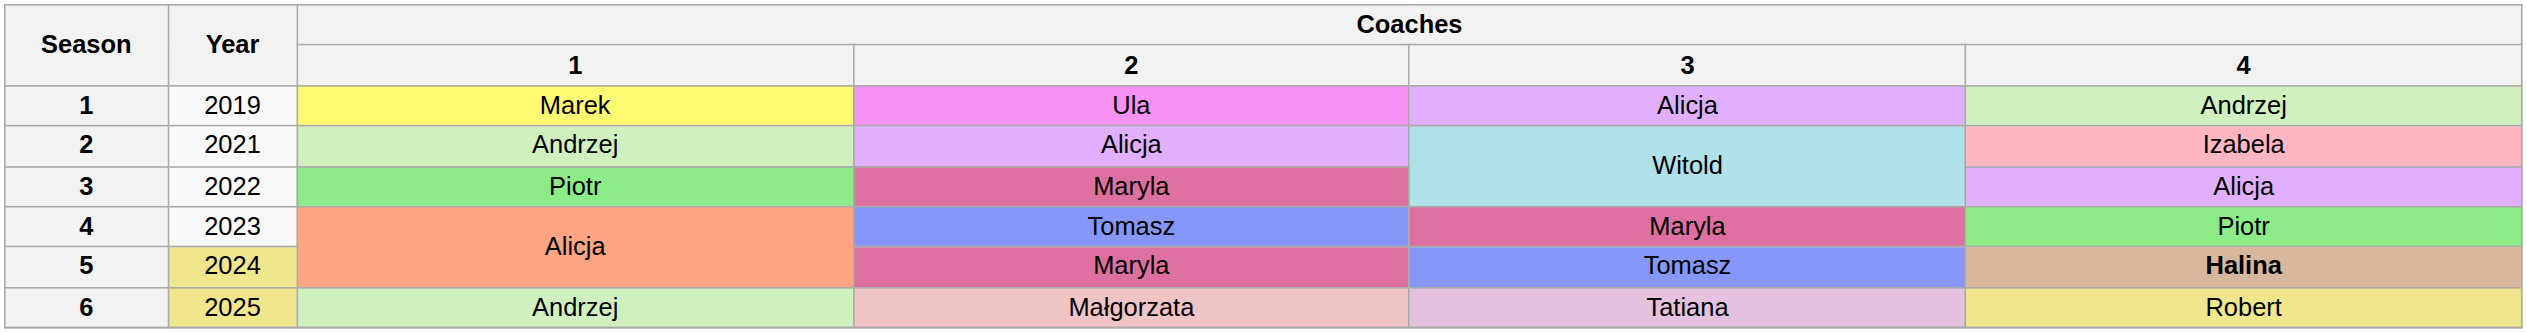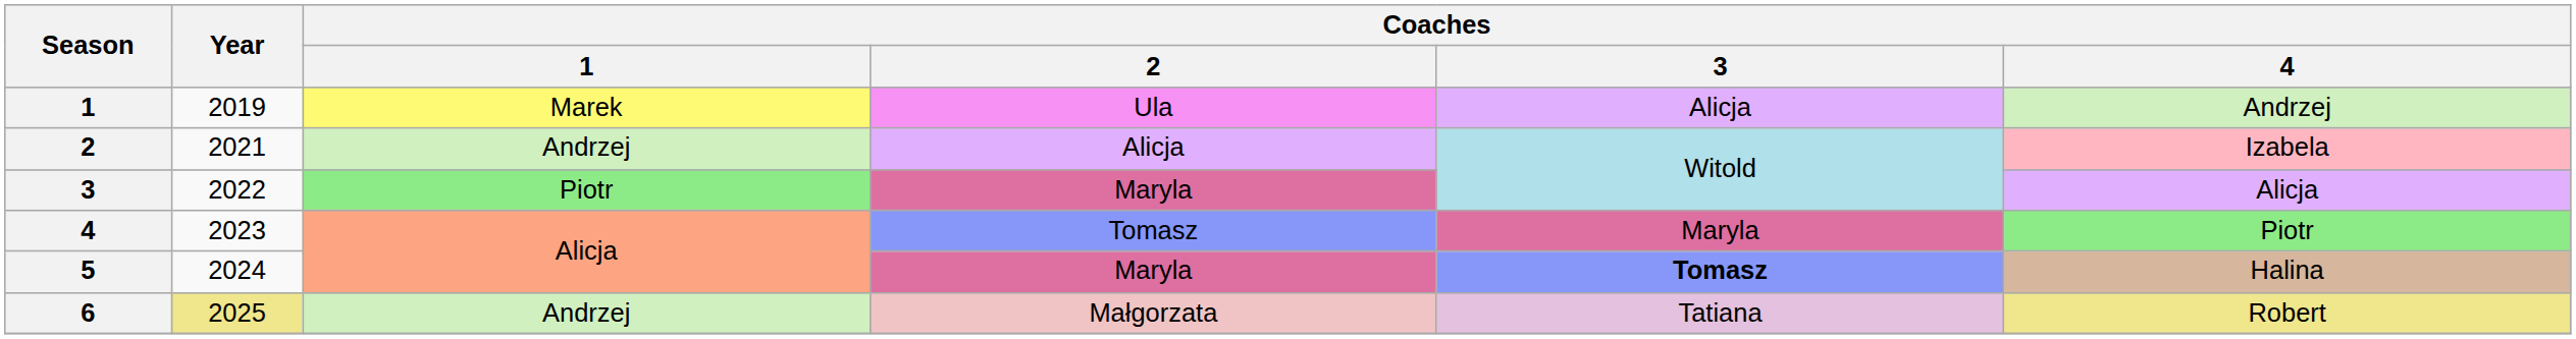 <table class="wikitable collapsible collapsed" style="text-align:center; width:100%">
 <tr>
 <th width="2%" rowspan="2">Season</th>
 <th width="2%" rowspan="2">Year</th>
 <th colspan="4">Coaches</th>
 </tr>
 <tr>
 <th width="10%">1</th>
 <th width="10%">2</th>
 <th width="10%">3</th>
 <th width="10%">4</th>
 </tr>
 <tr>
 <th>1</th>
 <td>2019</td>
 <td style="background:#fffa73">Marek</td>
 <td style="background:#f791f3">Ula</td>
 <td style="background:#E0B0FF">Alicja</td>
 <td style="background:#d0f0c0">Andrzej</td>
 </tr>
 <tr>
 <th>2</th>
 <td>2021</td>
 <td style="background:#d0f0c0">Andrzej</td>
 <td style="background:#E0B0FF">Alicja</td>
 <td rowspan="2" style="background:#b0e0e9">Witold</td>
 <td style="background:lightpink">Izabela</td>
 </tr>
 <tr>
 <th>3</th>
 <td>2022</td>
 <td style="background:#8deb87">Piotr</td>
 <td style="background:#DE6FA1">Maryla</td>
 <td style="background:#E0B0FF">Alicja</td>
 </tr>
 <tr>
 <th>4</th>
 <td>2023</td>
 <td rowspan="2" style="background:#FDA582">Alicja</td>
 <td style="background:#8697F9">Tomasz</td>
 <td style="background:#DE6FA1">Maryla</td>
 <td style="background:#8deb87">Piotr</td>
 </tr>
 <tr>
 <th>5</th>
-<td style="background: khaki;">2024</td>
+<td>2024</td>
 <td style="background:#DE6FA1">Maryla</td>
-<td style="background:#8697F9">Tomasz</td>
-<td style="background:#d6b69c"><strong>Halina</strong></td>
+<td style="background:#8697F9"><strong>Tomasz</strong></td>
+<td style="background:#d6b69c">Halina</td>
 </tr>
 <tr>
 <th>6</th>
 <td style="background: khaki;">2025</td>
 <td style="background:#d0f0c0">Andrzej</td>
 <td style="background:#f0c4c4">Małgorzata</td>
 <td style="background:#E3C1DF">Tatiana</td>
 <td style="background:khaki">Robert</td>
 </tr>
 <tr>
 </tr>
 </table>
